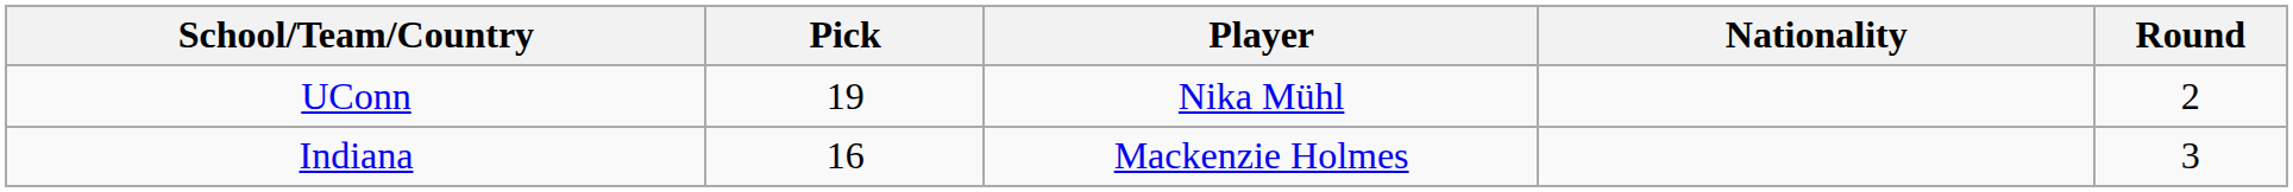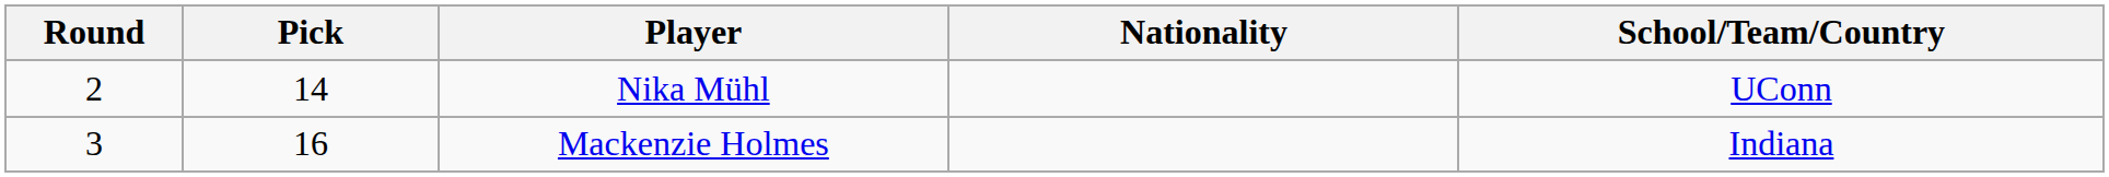 <table class="wikitable" style="text-align:center; width:60em">
 <tr>
-<th width="10%">School/Team/Country</th>
+<th width="2%">Round</th>
 <th width="5%">Pick</th>
 <th width="10%">Player</th>
 <th width="10%">Nationality</th>
-<th width="2%">Round</th>
+<th width="10%">School/Team/Country</th>
 </tr>
 <tr>
-<td><a href='#'>UConn</a></td>
-<td>19</td>
+<td>2</td>
+<td>14</td>
 <td><a href='#'>Nika Mühl</a></td>
 <td></td>
-<td>2</td>
+<td><a href='#'>UConn</a></td>
 </tr>
 <tr>
-<td><a href='#'>Indiana</a></td>
+<td>3</td>
 <td>16</td>
 <td><a href='#'>Mackenzie Holmes</a></td>
 <td></td>
-<td>3</td>
+<td><a href='#'>Indiana</a></td>
 </tr>
 </table>
